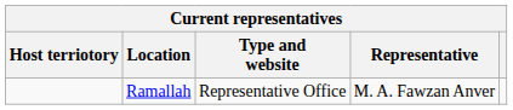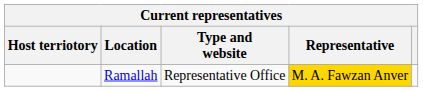 <table class="wikitable sticky-header-multi mw-collapsible" style="font-size:100%; text-align:left">
 <tr>
 <th colspan=5 style="colour:; background:;">Current representatives</th>
 </tr>
 <tr>
 <th>Host terriotory</th>
 <th>Location</th>
 <th>Type and <br> website</th>
 <th>Representative</th>
 <th></th>
 </tr>
 <tr>
 <td></td>
 <td><a href='#'>Ramallah</a></td>
 <td>Representative Office</td>
-<td>M. A. Fawzan Anver</td>
+<td style="background: gold;">M. A. Fawzan Anver</td>
 <td></td>
 </tr>
 </table>
